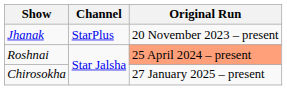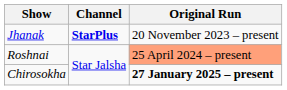 <table class="wikitable">
 <tr>
 <th>Show</th>
 <th>Channel</th>
 <th>Original Run</th>
 </tr>
 <tr>
 <td><em><a href='#'>Jhanak</a></em></td>
-<td><a href='#'>StarPlus</a></td>
+<td><strong><a href='#'>StarPlus</a></strong></td>
 <td>20 November 2023 – present</td>
 </tr>
 <tr>
 <td><em>Roshnai</em></td>
 <td rowspan="2"><a href='#'>Star Jalsha</a></td>
 <td style="background: lightsalmon;">25 April 2024 – present</td>
 </tr>
 <tr>
 <td><em>Chirosokha</em></td>
-<td>27 January 2025 – present</td>
+<td><strong>27 January 2025 – present</strong></td>
 </tr>
 </table>
